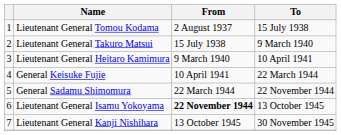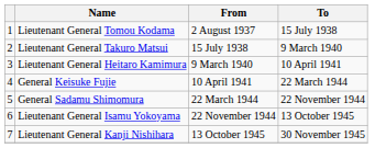 <table class=wikitable>
 <tr>
 <th></th>
 <th>Name</th>
 <th>From</th>
 <th>To</th>
 </tr>
 <tr>
 <td>1</td>
 <td>Lieutenant General <a href='#'>Tomou Kodama</a></td>
 <td>2 August 1937</td>
 <td>15 July 1938</td>
 </tr>
 <tr>
 <td>2</td>
 <td>Lieutenant General <a href='#'>Takuro Matsui</a></td>
 <td>15 July 1938</td>
 <td>9 March 1940</td>
 </tr>
 <tr>
 <td>3</td>
 <td>Lieutenant General <a href='#'>Heitaro Kamimura</a></td>
 <td>9 March 1940</td>
 <td>10 April 1941</td>
 </tr>
 <tr>
 <td>4</td>
 <td>General <a href='#'>Keisuke Fujie</a></td>
 <td>10 April 1941</td>
 <td>22 March 1944</td>
 </tr>
 <tr>
 <td>5</td>
 <td>General <a href='#'>Sadamu Shimomura</a></td>
 <td>22 March 1944</td>
 <td>22 November 1944</td>
 </tr>
 <tr>
 <td>6</td>
 <td>Lieutenant General <a href='#'>Isamu Yokoyama</a></td>
-<td><strong>22 November 1944</strong></td>
+<td>22 November 1944</td>
 <td>13 October 1945</td>
 </tr>
 <tr>
 <td>7</td>
 <td>Lieutenant General <a href='#'>Kanji Nishihara</a></td>
 <td>13 October 1945</td>
 <td>30 November 1945</td>
 </tr>
 <tr>
 </tr>
 </table>
